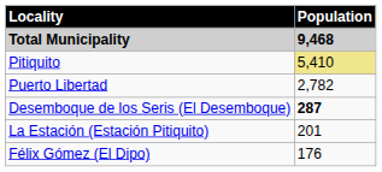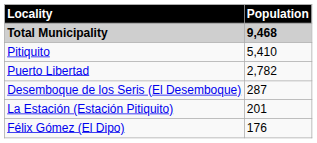 <table class="wikitable">
 <tr style="background:#000000; color:#FFFFFF;">
 <td><strong>Locality</strong></td>
 <td><strong>Population</strong></td>
 </tr>
 <tr style="background:#CFCFCF;">
 <td><strong>Total Municipality</strong></td>
 <td><strong>9,468</strong></td>
 </tr>
 <tr>
 <td><a href='#'>Pitiquito</a></td>
-<td style="background: khaki;">5,410</td>
+<td>5,410</td>
 </tr>
 <tr>
 <td><a href='#'>Puerto Libertad</a></td>
 <td>2,782</td>
 </tr>
 <tr>
 <td><a href='#'>Desemboque de los Seris (El Desemboque)</a></td>
-<td><strong>287</strong></td>
+<td>287</td>
 </tr>
 <tr>
 <td><a href='#'>La Estación (Estación Pitiquito)</a></td>
 <td>201</td>
 </tr>
 <tr>
 <td><a href='#'>Félix Gómez (El Dipo)</a></td>
 <td>176</td>
 </tr>
 </table>
